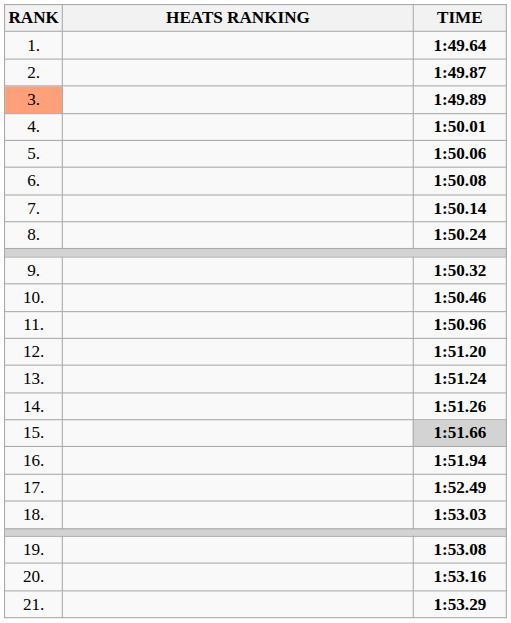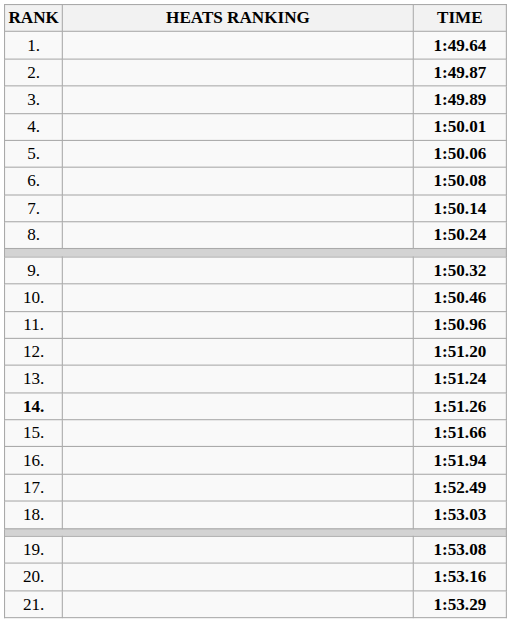 <table class="wikitable">
 <tr>
 <th>RANK</th>
 <th style="width: 20em">HEATS RANKING</th>
 <th style="width: 5em">TIME</th>
 </tr>
 <tr>
 <td align="center">1.</td>
 <td></td>
 <td align="center"><strong>1:49.64</strong></td>
 </tr>
 <tr>
 <td align="center">2.</td>
 <td></td>
 <td align="center"><strong>1:49.87</strong></td>
 </tr>
 <tr>
-<td align="center" style="background: lightsalmon;">3.</td>
+<td align="center">3.</td>
 <td></td>
 <td align="center"><strong>1:49.89</strong></td>
 </tr>
 <tr>
 <td align="center">4.</td>
 <td></td>
 <td align="center"><strong>1:50.01</strong></td>
 </tr>
 <tr>
 <td align="center">5.</td>
 <td></td>
 <td align="center"><strong>1:50.06</strong></td>
 </tr>
 <tr>
 <td align="center">6.</td>
 <td></td>
 <td align="center"><strong>1:50.08</strong></td>
 </tr>
 <tr>
 <td align="center">7.</td>
 <td></td>
 <td align="center"><strong>1:50.14</strong></td>
 </tr>
 <tr>
 <td align="center">8.</td>
 <td></td>
 <td align="center"><strong>1:50.24</strong></td>
 </tr>
 <tr>
 <td colspan=3 bgcolor=lightgray></td>
 </tr>
 <tr>
 <td align="center">9.</td>
 <td></td>
 <td align="center"><strong>1:50.32</strong></td>
 </tr>
 <tr>
 <td align="center">10.</td>
 <td></td>
 <td align="center"><strong>1:50.46</strong></td>
 </tr>
 <tr>
 <td align="center">11.</td>
 <td></td>
 <td align="center"><strong>1:50.96</strong></td>
 </tr>
 <tr>
 <td align="center">12.</td>
 <td></td>
 <td align="center"><strong>1:51.20</strong></td>
 </tr>
 <tr>
 <td align="center">13.</td>
 <td></td>
 <td align="center"><strong>1:51.24</strong></td>
 </tr>
 <tr>
-<td align="center">14.</td>
+<td align="center"><strong>14.</strong></td>
 <td></td>
 <td align="center"><strong>1:51.26</strong></td>
 </tr>
 <tr>
 <td align="center">15.</td>
 <td></td>
-<td align="center" style="background: lightgrey;"><strong>1:51.66</strong></td>
+<td align="center"><strong>1:51.66</strong></td>
 </tr>
 <tr>
 <td align="center">16.</td>
 <td> </td>
 <td align="center"><strong>1:51.94</strong></td>
 </tr>
 <tr>
 <td align="center">17.</td>
 <td> </td>
 <td align="center"><strong>1:52.49</strong></td>
 </tr>
 <tr>
 <td align="center">18.</td>
 <td></td>
 <td align="center"><strong>1:53.03</strong></td>
 </tr>
 <tr>
 <td colspan=3 bgcolor=lightgray></td>
 </tr>
 <tr>
 <td align="center">19.</td>
 <td></td>
 <td align="center"><strong>1:53.08</strong></td>
 </tr>
 <tr>
 <td align="center">20.</td>
 <td></td>
 <td align="center"><strong>1:53.16</strong></td>
 </tr>
 <tr>
 <td align="center">21.</td>
 <td></td>
 <td align="center"><strong>1:53.29</strong></td>
 </tr>
 </table>
